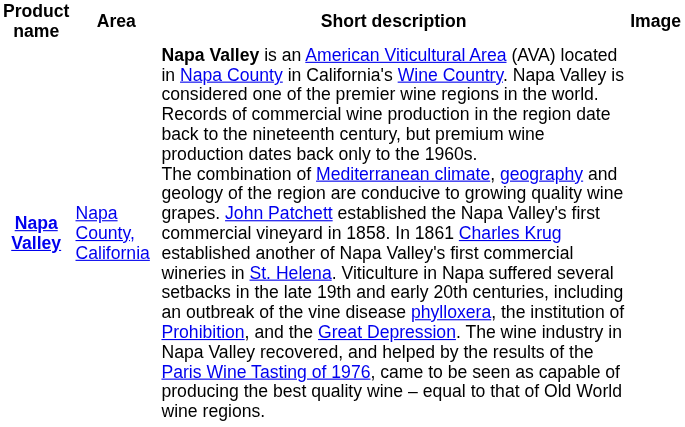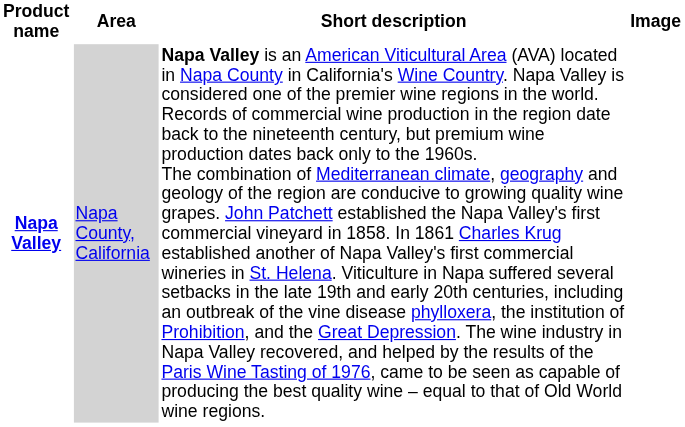 <table>
 <tr>
 <th>Product name</th>
 <th>Area</th>
 <th>Short description</th>
 <th>Image</th>
 </tr>
 <tr>
 <th><a href='#'>Napa Valley</a></th>
-<td><a href='#'>Napa County, California</a></td>
+<td style="background: lightgrey;"><a href='#'>Napa County, California</a></td>
 <td><strong>Napa Valley</strong> is an <a href='#'>American Viticultural Area</a> (AVA) located in <a href='#'>Napa County</a> in California's <a href='#'>Wine Country</a>. Napa Valley is considered one of the premier wine regions in the world. Records of commercial wine production in the region date back to the nineteenth century, but premium wine production dates back only to the 1960s.<br>The combination of <a href='#'>Mediterranean climate</a>, <a href='#'>geography</a> and geology of the region are conducive to growing quality wine grapes. <a href='#'>John Patchett</a> established the Napa Valley's first commercial vineyard in 1858. In 1861 <a href='#'>Charles Krug</a> established another of Napa Valley's first commercial wineries in <a href='#'>St. Helena</a>. Viticulture in Napa suffered several setbacks in the late 19th and early 20th centuries, including an outbreak of the vine disease <a href='#'>phylloxera</a>, the institution of <a href='#'>Prohibition</a>, and the <a href='#'>Great Depression</a>. The wine industry in Napa Valley recovered, and helped by the results of the <a href='#'>Paris Wine Tasting of 1976</a>, came to be seen as capable of producing the best quality wine – equal to that of Old World wine regions.</td>
 <td></td>
 </tr>
 <tr>
 </tr>
 </table>
